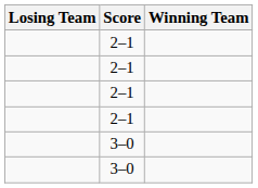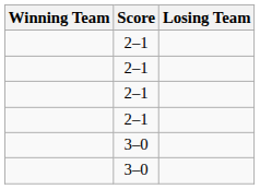 <table class=wikitable style="border:1px solid #AAAAAA;">
 <tr>
+<th>Winning Team</th>
+<th>Score</th>
 <th>Losing Team</th>
-<th>Score</th>
-<th>Winning Team</th>
 </tr>
 <tr>
+<td><strong></strong></td>
+<td align="center">2–1</td>
 <td></td>
-<td align="center">2–1</td>
-<td><strong></strong></td>
 </tr>
 <tr>
 <td></td>
 <td align="center">2–1</td>
 <td></td>
 </tr>
 <tr>
+<td><strong></strong></td>
+<td align="center">2–1</td>
 <td></td>
-<td align="center">2–1</td>
-<td><strong></strong></td>
 </tr>
 <tr>
+<td><strong></strong></td>
+<td align="center">2–1</td>
 <td></td>
-<td align="center">2–1</td>
-<td><strong></strong></td>
 </tr>
 <tr>
+<td><strong></strong></td>
+<td align="center">3–0</td>
 <td></td>
-<td align="center">3–0</td>
-<td><strong></strong></td>
 </tr>
 <tr>
+<td><strong></strong></td>
+<td align="center">3–0</td>
 <td></td>
-<td align="center">3–0</td>
-<td><strong></strong></td>
 </tr>
 </table>
